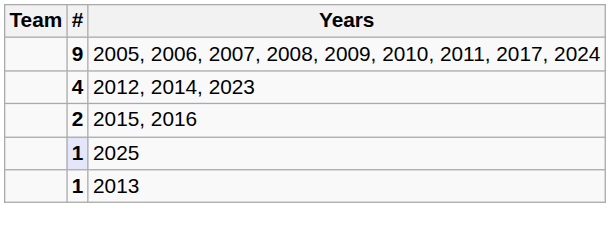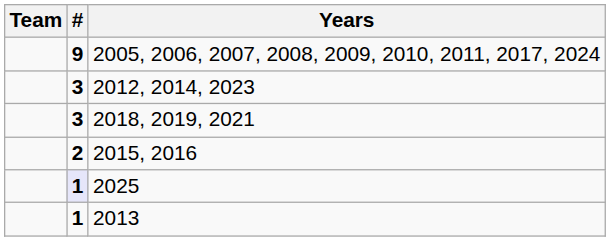 <table class="wikitable" style="text-align:center;">
 <tr>
 <th>Team</th>
 <th>#</th>
 <th class="unsortable">Years</th>
 </tr>
 <tr>
 <td style=><strong></strong></td>
 <td><strong>9</strong></td>
 <td align=left>2005, 2006, 2007, 2008, 2009, 2010, 2011, 2017, 2024</td>
 </tr>
 <tr>
 <td><strong><a href='#'></a></strong></td>
-<td><strong>4</strong></td>
+<td><strong>3</strong></td>
 <td align="left">2012, 2014, 2023</td>
+</tr>
+<tr>
+<td style=><strong></strong></td>
+<td><strong>3</strong></td>
+<td align=left>2018, 2019, 2021</td>
 </tr>
 <tr>
 <td><strong><a href='#'></a></strong></td>
 <td><strong>2</strong></td>
 <td align="left">2015, 2016</td>
 </tr>
 <tr>
 <td style=><strong><a href='#'></a></strong></td>
 <td style="background: lavender;"><strong>1</strong></td>
 <td align=left>2025</td>
 </tr>
 <tr>
 <td style=><strong><a href='#'></a></strong></td>
 <td><strong>1</strong></td>
 <td align=left>2013</td>
 </tr>
 </table>
